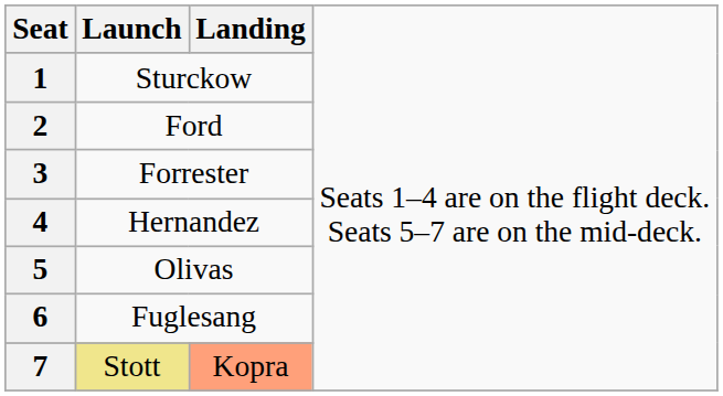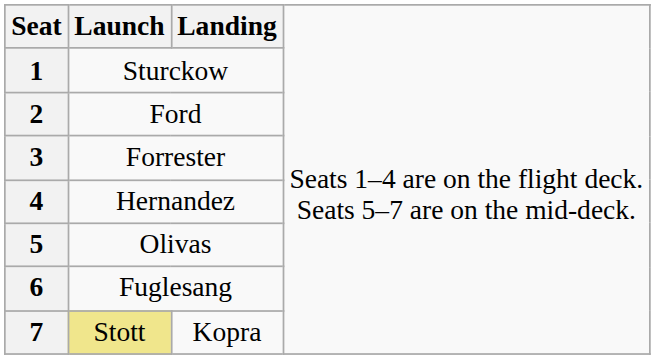 <table class="wikitable" style="text-align:center">
 <tr>
 <th>Seat</th>
 <th>Launch</th>
 <th>Landing</th>
 <td rowspan=8><br>Seats 1–4 are on the flight deck.<br>Seats 5–7 are on the mid-deck.</td>
 </tr>
 <tr>
 <th>1</th>
 <td colspan=2>Sturckow</td>
 </tr>
 <tr>
 <th>2</th>
 <td colspan=2>Ford</td>
 </tr>
 <tr>
 <th>3</th>
 <td colspan=2>Forrester</td>
 </tr>
 <tr>
 <th>4</th>
 <td colspan=2>Hernandez</td>
 </tr>
 <tr>
 <th>5</th>
 <td colspan=2>Olivas</td>
 </tr>
 <tr>
 <th>6</th>
 <td colspan=2>Fuglesang</td>
 </tr>
 <tr>
 <th>7</th>
 <td style="background: khaki;">Stott</td>
-<td style="background: lightsalmon;">Kopra</td>
+<td>Kopra</td>
 </tr>
 </table>
